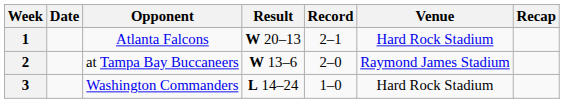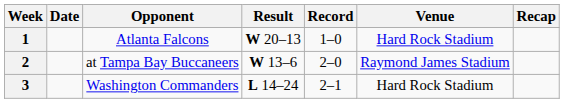 <table class="wikitable" style="text-align:center">
 <tr>
 <th>Week</th>
 <th>Date</th>
 <th>Opponent</th>
 <th>Result</th>
 <th>Record</th>
 <th>Venue</th>
 <th>Recap</th>
 </tr>
 <tr>
 <th>1</th>
 <td></td>
 <td><a href='#'>Atlanta Falcons</a></td>
 <td><strong>W</strong> 20–13</td>
-<td>2–1</td>
+<td>1–0</td>
 <td><a href='#'>Hard Rock Stadium</a></td>
 <td></td>
 </tr>
 <tr>
 <th>2</th>
 <td></td>
 <td>at <a href='#'>Tampa Bay Buccaneers</a></td>
 <td><strong>W</strong> 13–6</td>
 <td>2–0</td>
 <td><a href='#'>Raymond James Stadium</a></td>
 <td></td>
 </tr>
 <tr>
 <th>3</th>
 <td></td>
 <td><a href='#'>Washington Commanders</a></td>
 <td><strong>L</strong> 14–24</td>
-<td>1–0</td>
+<td>2–1</td>
 <td>Hard Rock Stadium</td>
 <td></td>
 </tr>
 </table>
